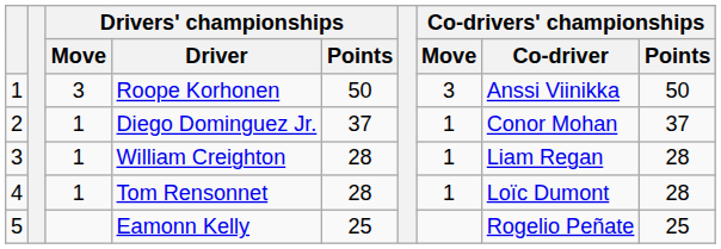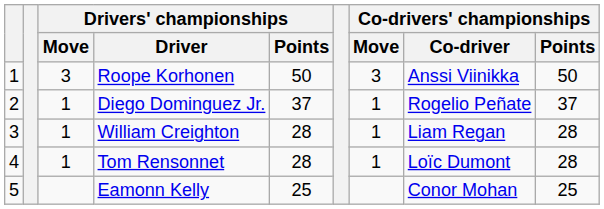 <table class="wikitable" style="font-size:85%;">
 <tr>
 <th rowspan="2"></th>
 <th rowspan="7" style="width:5px;"></th>
 <th colspan="3">Drivers' championships</th>
 <th rowspan="7" style="width:5px;"></th>
 <th colspan="3" nowrap>Co-drivers' championships</th>
 </tr>
 <tr>
 <th>Move</th>
 <th>Driver</th>
 <th>Points</th>
 <th>Move</th>
 <th>Co-driver</th>
 <th>Points</th>
 </tr>
 <tr>
 <td align="center">1</td>
 <td align="center"> 3</td>
 <td><a href='#'>Roope Korhonen</a></td>
 <td align="center">50</td>
 <td align="center"> 3</td>
 <td><a href='#'>Anssi Viinikka</a></td>
 <td align="center">50</td>
 </tr>
 <tr>
 <td align="center">2</td>
 <td align="center"> 1</td>
 <td><a href='#'>Diego Dominguez Jr.</a></td>
 <td align="center">37</td>
 <td align="center"> 1</td>
-<td><a href='#'>Conor Mohan</a></td>
+<td><a href='#'>Rogelio Peñate</a></td>
 <td align="center">37</td>
 </tr>
 <tr>
 <td align="center">3</td>
 <td align="center"> 1</td>
 <td><a href='#'>William Creighton</a></td>
 <td align="center">28</td>
 <td align="center"> 1</td>
 <td><a href='#'>Liam Regan</a></td>
 <td align="center">28</td>
 </tr>
 <tr>
 <td align="center">4</td>
 <td align="center"> 1</td>
 <td><a href='#'>Tom Rensonnet</a></td>
 <td align="center">28</td>
 <td align="center"> 1</td>
 <td><a href='#'>Loïc Dumont</a></td>
 <td align="center">28</td>
 </tr>
 <tr>
 <td align="center">5</td>
 <td align="center"></td>
 <td><a href='#'>Eamonn Kelly</a></td>
 <td align="center">25</td>
 <td align="center"></td>
-<td><a href='#'>Rogelio Peñate</a></td>
+<td><a href='#'>Conor Mohan</a></td>
 <td align="center">25</td>
 </tr>
 </table>
